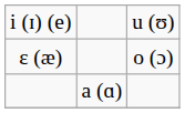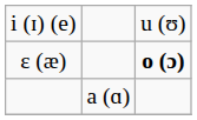 <table class="wikitable IPA" border="1" style="text-align:center">
 <tr>
 <td>i (ɪ) (e)</td>
 <td></td>
 <td>u (ʊ)</td>
 </tr>
 <tr>
 <td>ɛ (æ)</td>
 <td></td>
-<td>o (ɔ)</td>
+<td><strong>o (ɔ)</strong></td>
 </tr>
 <tr>
 <td></td>
 <td>a (ɑ)</td>
 <td></td>
 </tr>
 <tr>
 </tr>
 </table>
